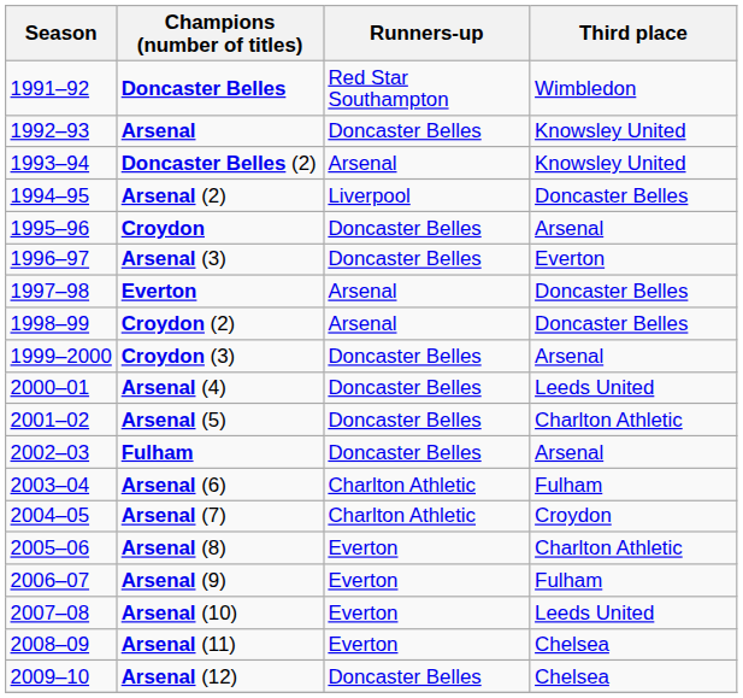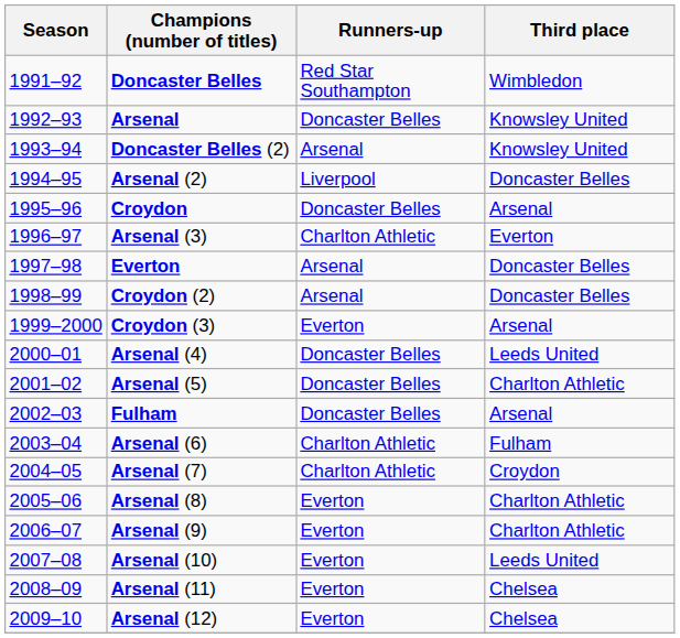 <table class="wikitable sortable" style="font-size:90%;">
 <tr>
 <th>Season</th>
 <th style="width: 140px;">Champions<br>(number of titles)</th>
 <th style="width: 140px;">Runners-up</th>
 <th style="width: 140px;">Third place</th>
 </tr>
 <tr>
 <td><a href='#'>1991–92</a></td>
 <td><strong><a href='#'>Doncaster Belles</a></strong></td>
 <td><a href='#'>Red Star Southampton</a></td>
 <td><a href='#'>Wimbledon</a></td>
 </tr>
 <tr>
 <td><a href='#'>1992–93</a></td>
 <td><strong><a href='#'>Arsenal</a></strong></td>
 <td><a href='#'>Doncaster Belles</a></td>
 <td><a href='#'>Knowsley United</a></td>
 </tr>
 <tr>
 <td><a href='#'>1993–94</a></td>
 <td><strong><a href='#'>Doncaster Belles</a></strong> (2)</td>
 <td><a href='#'>Arsenal</a></td>
 <td><a href='#'>Knowsley United</a></td>
 </tr>
 <tr>
 <td><a href='#'>1994–95</a></td>
 <td><strong><a href='#'>Arsenal</a></strong> (2)</td>
 <td><a href='#'>Liverpool</a></td>
 <td><a href='#'>Doncaster Belles</a></td>
 </tr>
 <tr>
 <td><a href='#'>1995–96</a></td>
 <td><strong><a href='#'>Croydon</a></strong></td>
 <td><a href='#'>Doncaster Belles</a></td>
 <td><a href='#'>Arsenal</a></td>
 </tr>
 <tr>
 <td><a href='#'>1996–97</a></td>
 <td><strong><a href='#'>Arsenal</a></strong> (3)</td>
-<td><a href='#'>Doncaster Belles</a></td>
+<td><a href='#'>Charlton Athletic</a></td>
 <td><a href='#'>Everton</a></td>
 </tr>
 <tr>
 <td><a href='#'>1997–98</a></td>
 <td><strong><a href='#'>Everton</a></strong></td>
 <td><a href='#'>Arsenal</a></td>
 <td><a href='#'>Doncaster Belles</a></td>
 </tr>
 <tr>
 <td><a href='#'>1998–99</a></td>
 <td><strong><a href='#'>Croydon</a></strong> (2)</td>
 <td><a href='#'>Arsenal</a></td>
 <td><a href='#'>Doncaster Belles</a></td>
 </tr>
 <tr>
 <td><a href='#'>1999–2000</a></td>
 <td><strong><a href='#'>Croydon</a></strong> (3)</td>
-<td><a href='#'>Doncaster Belles</a></td>
+<td><a href='#'>Everton</a></td>
 <td><a href='#'>Arsenal</a></td>
 </tr>
 <tr>
 <td><a href='#'>2000–01</a></td>
 <td><strong><a href='#'>Arsenal</a></strong> (4)</td>
 <td><a href='#'>Doncaster Belles</a></td>
 <td><a href='#'>Leeds United</a></td>
 </tr>
 <tr>
 <td><a href='#'>2001–02</a></td>
 <td><strong><a href='#'>Arsenal</a></strong> (5)</td>
 <td><a href='#'>Doncaster Belles</a></td>
 <td><a href='#'>Charlton Athletic</a></td>
 </tr>
 <tr>
 <td><a href='#'>2002–03</a></td>
 <td><strong><a href='#'>Fulham</a></strong></td>
 <td><a href='#'>Doncaster Belles</a></td>
 <td><a href='#'>Arsenal</a></td>
 </tr>
 <tr>
 <td><a href='#'>2003–04</a></td>
 <td><strong><a href='#'>Arsenal</a></strong> (6)</td>
 <td><a href='#'>Charlton Athletic</a></td>
 <td><a href='#'>Fulham</a></td>
 </tr>
 <tr>
 <td><a href='#'>2004–05</a></td>
 <td><strong><a href='#'>Arsenal</a></strong> (7)</td>
 <td><a href='#'>Charlton Athletic</a></td>
 <td><a href='#'>Croydon</a></td>
 </tr>
 <tr>
 <td><a href='#'>2005–06</a></td>
 <td><strong><a href='#'>Arsenal</a></strong> (8)</td>
 <td><a href='#'>Everton</a></td>
 <td><a href='#'>Charlton Athletic</a></td>
 </tr>
 <tr>
 <td><a href='#'>2006–07</a></td>
 <td><strong><a href='#'>Arsenal</a></strong> (9)</td>
 <td><a href='#'>Everton</a></td>
-<td><a href='#'>Fulham</a></td>
+<td><a href='#'>Charlton Athletic</a></td>
 </tr>
 <tr>
 <td><a href='#'>2007–08</a></td>
 <td><strong><a href='#'>Arsenal</a></strong> (10)</td>
 <td><a href='#'>Everton</a></td>
 <td><a href='#'>Leeds United</a></td>
 </tr>
 <tr>
 <td><a href='#'>2008–09</a></td>
 <td><strong><a href='#'>Arsenal</a></strong> (11)</td>
 <td><a href='#'>Everton</a></td>
 <td><a href='#'>Chelsea</a></td>
 </tr>
 <tr>
 <td><a href='#'>2009–10</a></td>
 <td><strong><a href='#'>Arsenal</a></strong> (12)</td>
-<td><a href='#'>Doncaster Belles</a></td>
+<td><a href='#'>Everton</a></td>
 <td><a href='#'>Chelsea</a></td>
 </tr>
 <tr>
 </tr>
 </table>
